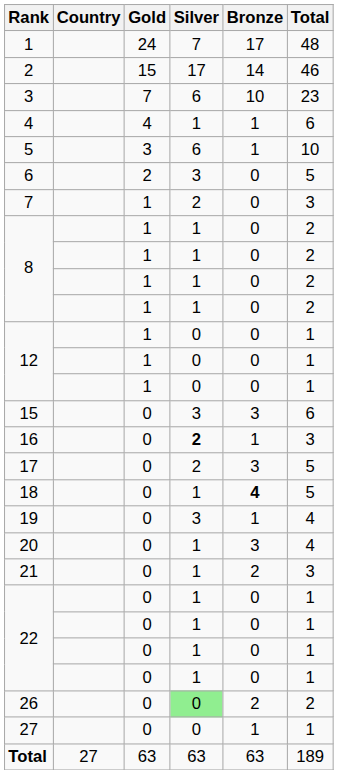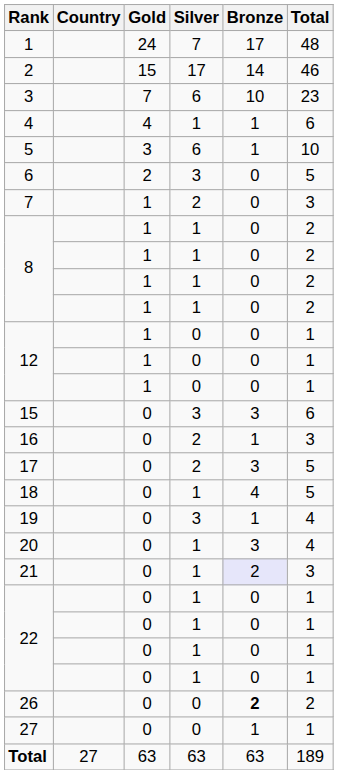 <table class="wikitable" style="text-align:center;">
 <tr>
 <th>Rank</th>
 <th>Country</th>
 <th>Gold</th>
 <th>Silver</th>
 <th>Bronze</th>
 <th>Total</th>
 </tr>
 <tr>
 <td>1</td>
 <td align="left"></td>
 <td>24</td>
 <td>7</td>
 <td>17</td>
 <td>48</td>
 </tr>
 <tr>
 <td>2</td>
 <td align="left"></td>
 <td>15</td>
 <td>17</td>
 <td>14</td>
 <td>46</td>
 </tr>
 <tr>
 <td>3</td>
 <td align="left"></td>
 <td>7</td>
 <td>6</td>
 <td>10</td>
 <td>23</td>
 </tr>
 <tr>
 <td>4</td>
 <td align="left"></td>
 <td>4</td>
 <td>1</td>
 <td>1</td>
 <td>6</td>
 </tr>
 <tr>
 <td>5</td>
 <td align="left"></td>
 <td>3</td>
 <td>6</td>
 <td>1</td>
 <td>10</td>
 </tr>
 <tr>
 <td>6</td>
 <td align="left"></td>
 <td>2</td>
 <td>3</td>
 <td>0</td>
 <td>5</td>
 </tr>
 <tr>
 <td>7</td>
 <td align="left"></td>
 <td>1</td>
 <td>2</td>
 <td>0</td>
 <td>3</td>
 </tr>
 <tr>
 <td rowspan="4">8</td>
 <td align="left"></td>
 <td>1</td>
 <td>1</td>
 <td>0</td>
 <td>2</td>
 </tr>
 <tr>
 <td align="left"></td>
 <td>1</td>
 <td>1</td>
 <td>0</td>
 <td>2</td>
 </tr>
 <tr>
 <td align="left"></td>
 <td>1</td>
 <td>1</td>
 <td>0</td>
 <td>2</td>
 </tr>
 <tr>
 <td align="left"></td>
 <td>1</td>
 <td>1</td>
 <td>0</td>
 <td>2</td>
 </tr>
 <tr>
 <td rowspan="3">12</td>
 <td align="left"></td>
 <td>1</td>
 <td>0</td>
 <td>0</td>
 <td>1</td>
 </tr>
 <tr>
 <td align="left"></td>
 <td>1</td>
 <td>0</td>
 <td>0</td>
 <td>1</td>
 </tr>
 <tr>
 <td align="left"></td>
 <td>1</td>
 <td>0</td>
 <td>0</td>
 <td>1</td>
 </tr>
 <tr>
 <td>15</td>
 <td align="left"></td>
 <td>0</td>
 <td>3</td>
 <td>3</td>
 <td>6</td>
 </tr>
 <tr>
 <td>16</td>
 <td align="left"></td>
 <td>0</td>
-<td><strong>2</strong></td>
+<td>2</td>
 <td>1</td>
 <td>3</td>
 </tr>
 <tr>
 <td>17</td>
 <td align="left"></td>
 <td>0</td>
 <td>2</td>
 <td>3</td>
 <td>5</td>
 </tr>
 <tr>
 <td>18</td>
 <td align="left"></td>
 <td>0</td>
 <td>1</td>
-<td><strong>4</strong></td>
+<td>4</td>
 <td>5</td>
 </tr>
 <tr>
 <td>19</td>
 <td align="left"></td>
 <td>0</td>
 <td>3</td>
 <td>1</td>
 <td>4</td>
 </tr>
 <tr>
 <td>20</td>
 <td align="left"></td>
 <td>0</td>
 <td>1</td>
 <td>3</td>
 <td>4</td>
 </tr>
 <tr>
 <td>21</td>
 <td align="left"></td>
 <td>0</td>
 <td>1</td>
-<td>2</td>
+<td style="background: lavender;">2</td>
 <td>3</td>
 </tr>
 <tr>
 <td rowspan="4">22</td>
 <td align="left"></td>
 <td>0</td>
 <td>1</td>
 <td>0</td>
 <td>1</td>
 </tr>
 <tr>
 <td align="left"></td>
 <td>0</td>
 <td>1</td>
 <td>0</td>
 <td>1</td>
 </tr>
 <tr>
 <td align="left"></td>
 <td>0</td>
 <td>1</td>
 <td>0</td>
 <td>1</td>
 </tr>
 <tr>
 <td align="left"></td>
 <td>0</td>
 <td>1</td>
 <td>0</td>
 <td>1</td>
 </tr>
 <tr>
 <td>26</td>
 <td align="left"></td>
 <td>0</td>
-<td style="background: lightgreen;">0</td>
-<td>2</td>
+<td>0</td>
+<td><strong>2</strong></td>
 <td>2</td>
 </tr>
 <tr>
 <td>27</td>
 <td align="left"></td>
 <td>0</td>
 <td>0</td>
 <td>1</td>
 <td>1</td>
 </tr>
 <tr>
 <td align="left"><strong>Total</strong></td>
 <td>27</td>
 <td>63</td>
 <td>63</td>
 <td>63</td>
 <td>189</td>
 </tr>
 </table>
